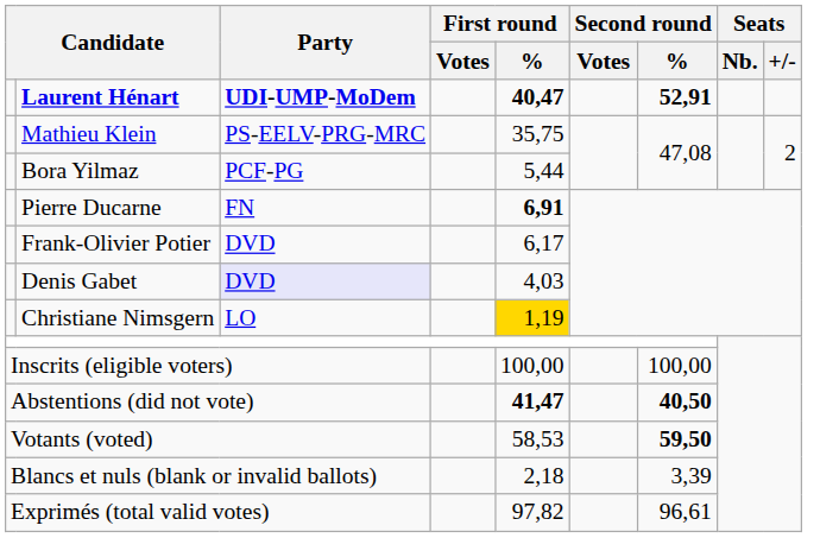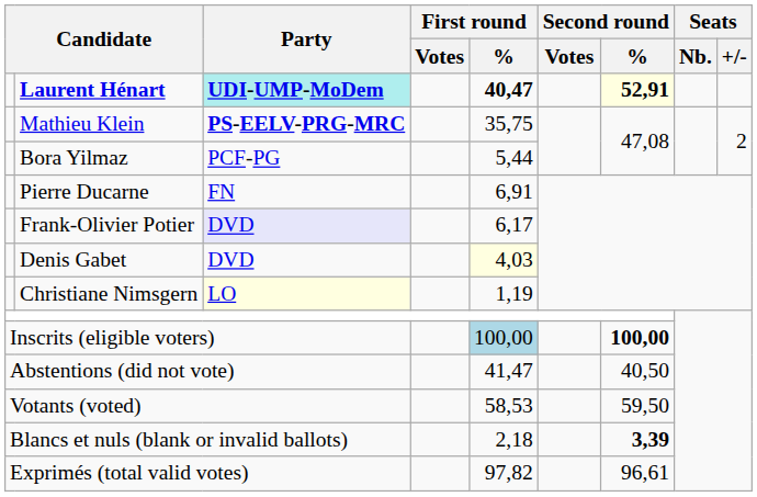 <table class="wikitable centre">
 <tr>
 <th scope="col" rowspan=2 colspan=2>Candidate</th>
 <th scope="col" rowspan=2 colspan=1>Party</th>
 <th scope="col" colspan=2>First round</th>
 <th scope="col" colspan=2>Second round</th>
 <th scope="col" colspan=2>Seats</th>
 </tr>
 <tr>
 <th scope="col">Votes</th>
 <th scope="col">%</th>
 <th scope="col">Votes</th>
 <th scope="col">%</th>
 <th scope="col">Nb.</th>
 <th scope="col">+/-</th>
 </tr>
 <tr>
 <td style="color:inherit;background:"></td>
 <td><strong><a href='#'>Laurent Hénart</a></strong></td>
-<td><strong><a href='#'>UDI</a>-<a href='#'>UMP</a>-<a href='#'>MoDem</a></strong></td>
+<td style="background: paleturquoise;"><strong><a href='#'>UDI</a>-<a href='#'>UMP</a>-<a href='#'>MoDem</a></strong></td>
 <td style="text-align: right"><strong></strong></td>
 <td style="text-align: right"><strong>40,47</strong></td>
 <td style="text-align: right"><strong></strong></td>
-<td style="text-align: right"><strong>52,91</strong></td>
+<td style="background: lightyellow; text-align: right"><strong>52,91</strong></td>
 <td style="text-align: right"><strong></strong></td>
 <td style="text-align: right"><strong></strong></td>
 </tr>
 <tr>
 <td style="color:inherit;background:"></td>
 <td><a href='#'>Mathieu Klein</a></td>
-<td><a href='#'>PS</a>-<a href='#'>EELV</a>-<a href='#'>PRG</a>-<a href='#'>MRC</a></td>
+<td><strong><a href='#'>PS</a>-<a href='#'>EELV</a>-<a href='#'>PRG</a>-<a href='#'>MRC</a></strong></td>
 <td style="text-align: right"></td>
 <td style="text-align: right">35,75</td>
 <td style="text-align: right" rowspan=2></td>
 <td style="text-align: right" rowspan=2>47,08</td>
 <td style="text-align: right" rowspan=2></td>
 <td style="text-align: right" rowspan=2> 2</td>
 </tr>
 <tr>
 <td style="color:inherit;background:"></td>
 <td>Bora Yilmaz</td>
 <td><a href='#'>PCF</a>-<a href='#'>PG</a></td>
 <td style="text-align: right"></td>
 <td style="text-align: right">5,44</td>
 </tr>
 <tr>
 <td style="color:inherit;background:"></td>
 <td>Pierre Ducarne</td>
 <td><a href='#'>FN</a></td>
 <td style="text-align: right"></td>
-<td style="text-align: right"><strong>6,91</strong></td>
+<td style="text-align: right">6,91</td>
 <td colspan=9 rowspan=4></td>
 </tr>
 <tr>
 <td style="color:inherit;background:"></td>
 <td>Frank-Olivier Potier</td>
-<td><a href='#'>DVD</a></td>
+<td style="background: lavender;"><a href='#'>DVD</a></td>
 <td style="text-align: right"></td>
 <td style="text-align: right">6,17</td>
 </tr>
 <tr>
 <td style="color:inherit;background:"></td>
 <td>Denis Gabet</td>
-<td style="background: lavender;"><a href='#'>DVD</a></td>
+<td><a href='#'>DVD</a></td>
 <td style="text-align: right"></td>
-<td style="text-align: right">4,03</td>
+<td style="background: lightyellow; text-align: right">4,03</td>
 </tr>
 <tr>
 <td style="color:inherit;background:"></td>
 <td>Christiane Nimsgern</td>
-<td><a href='#'>LO</a></td>
+<td style="background: lightyellow;"><a href='#'>LO</a></td>
 <td style="text-align: right"></td>
-<td style="background: gold; text-align: right">1,19</td>
+<td style="text-align: right">1,19</td>
 </tr>
 <tr bgcolor=white>
 <td colspan=7></td>
 </tr>
 <tr>
 <td colspan=3>Inscrits (eligible voters)</td>
 <td style="text-align: right"></td>
-<td style="text-align: right">100,00</td>
+<td style="background: lightblue; text-align: right">100,00</td>
 <td style="text-align: right"></td>
-<td style="text-align: right">100,00</td>
+<td style="text-align: right"><strong>100,00</strong></td>
 </tr>
 <tr>
 <td colspan=3>Abstentions (did not vote)</td>
 <td style="text-align: right"></td>
-<td style="text-align: right"><strong>41,47</strong></td>
+<td style="text-align: right">41,47</td>
 <td style="text-align: right"></td>
-<td style="text-align: right"><strong>40,50</strong></td>
+<td style="text-align: right">40,50</td>
 </tr>
 <tr>
 <td colspan=3>Votants (voted)</td>
 <td style="text-align: right"></td>
 <td style="text-align: right">58,53</td>
 <td style="text-align: right"></td>
-<td style="text-align: right"><strong>59,50</strong></td>
+<td style="text-align: right">59,50</td>
 </tr>
 <tr>
 <td colspan=3>Blancs et nuls (blank or invalid ballots)</td>
 <td style="text-align: right"></td>
 <td style="text-align: right">2,18</td>
 <td style="text-align: right"></td>
-<td style="text-align: right">3,39</td>
+<td style="text-align: right"><strong>3,39</strong></td>
 </tr>
 <tr>
 <td colspan=3>Exprimés (total valid votes)</td>
 <td style="text-align: right"></td>
 <td style="text-align: right">97,82</td>
 <td style="text-align: right"></td>
 <td style="text-align: right">96,61</td>
 </tr>
 </table>
